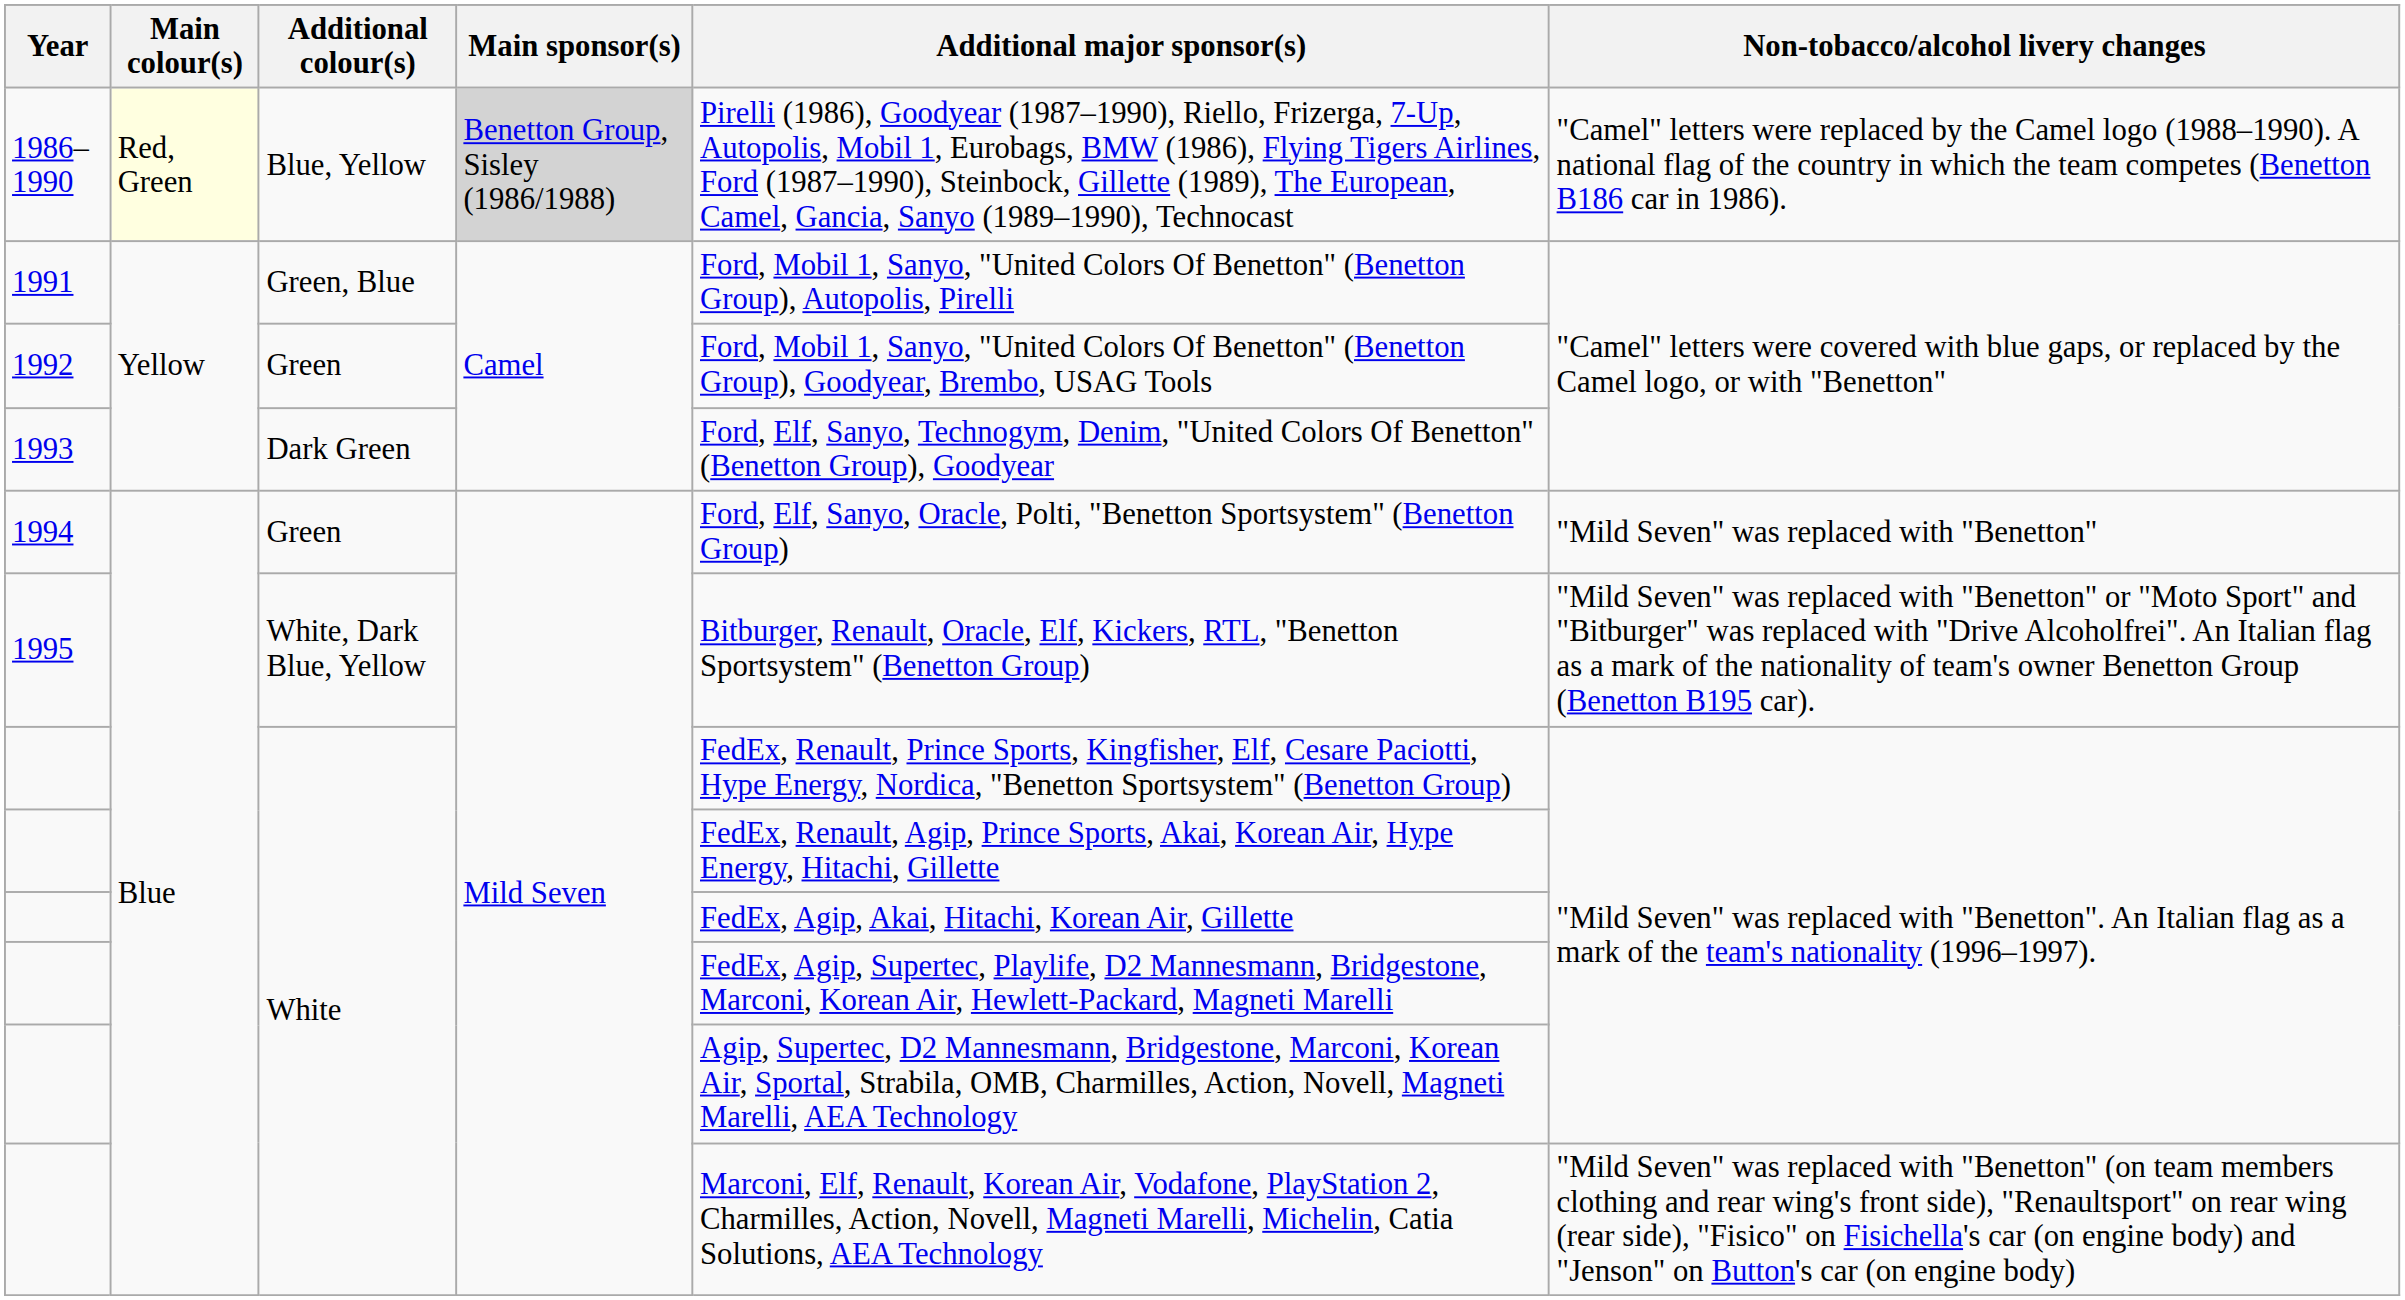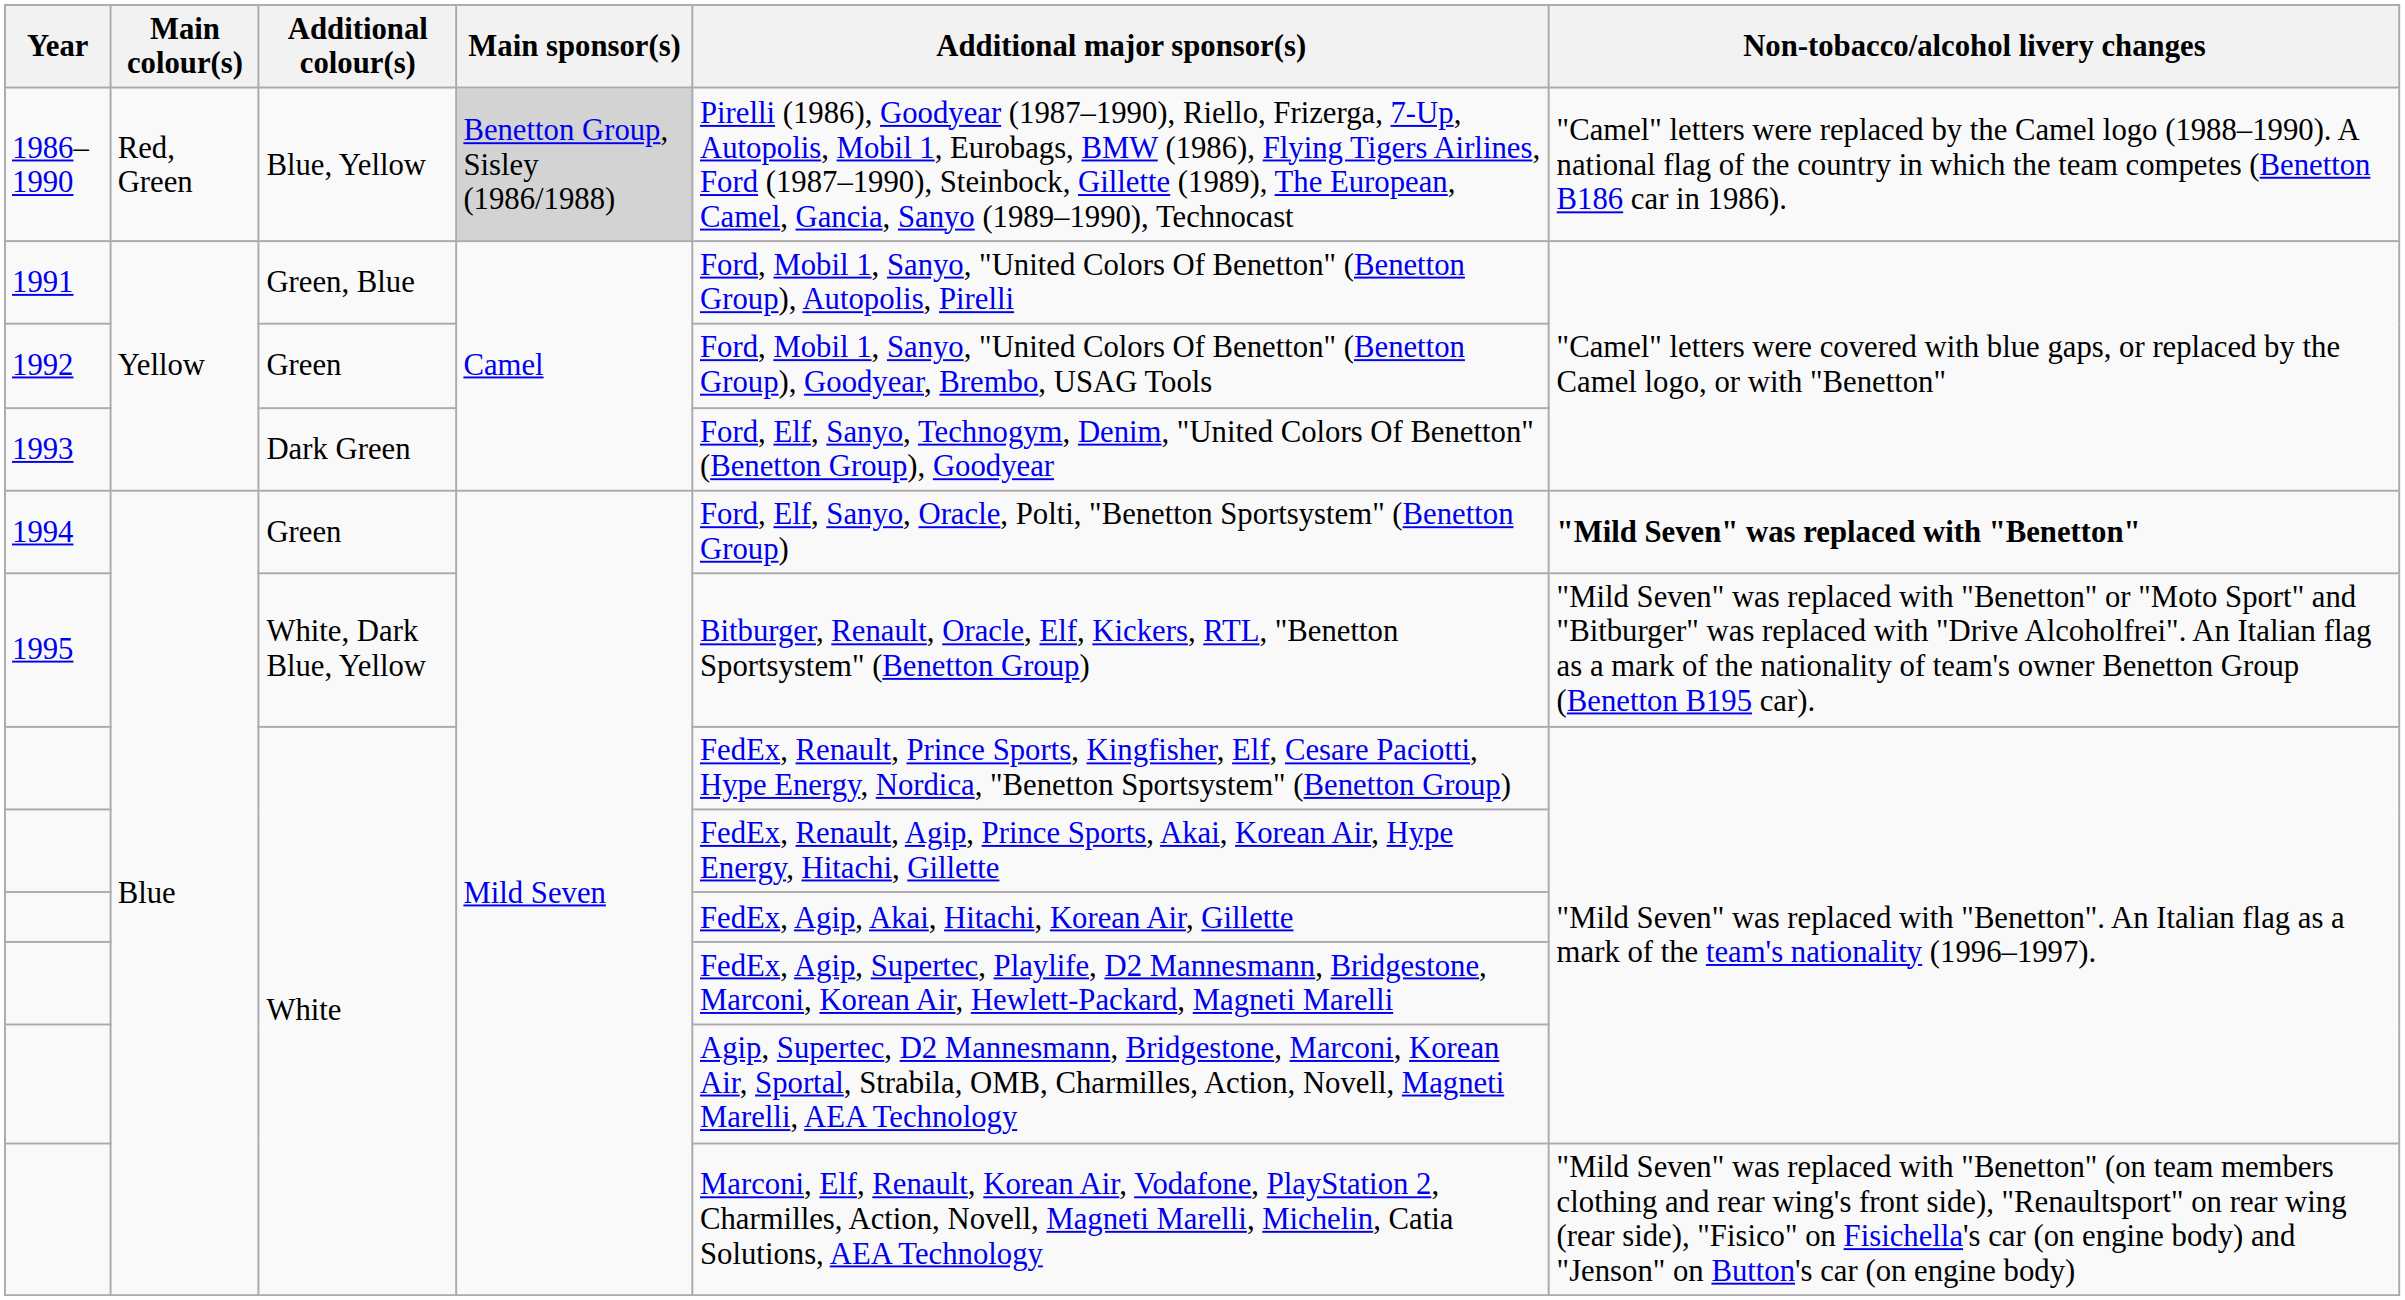 <table class="wikitable">
 <tr>
 <th>Year</th>
 <th>Main colour(s)</th>
 <th>Additional colour(s)</th>
 <th>Main sponsor(s)</th>
 <th>Additional major sponsor(s)</th>
 <th>Non-tobacco/alcohol livery changes</th>
 </tr>
 <tr>
 <td><a href='#'>1986</a>–<a href='#'>1990</a></td>
-<td style="background: lightyellow;">Red, Green</td>
+<td>Red, Green</td>
 <td>Blue, Yellow</td>
 <td style="background: lightgrey;"><a href='#'>Benetton Group</a>, Sisley (1986/1988)</td>
 <td><a href='#'>Pirelli</a> (1986), <a href='#'>Goodyear</a> (1987–1990), Riello, Frizerga, <a href='#'>7-Up</a>, <a href='#'>Autopolis</a>, <a href='#'>Mobil 1</a>, Eurobags, <a href='#'>BMW</a> (1986), <a href='#'>Flying Tigers Airlines</a>, <a href='#'>Ford</a> (1987–1990), Steinbock, <a href='#'>Gillette</a> (1989), <a href='#'>The European</a>, <a href='#'>Camel</a>, <a href='#'>Gancia</a>, <a href='#'>Sanyo</a> (1989–1990), Technocast</td>
 <td>"Camel" letters were replaced by the Camel logo (1988–1990). A national flag of the country in which the team competes (<a href='#'>Benetton B186</a> car in 1986).</td>
 </tr>
 <tr>
 <td><a href='#'>1991</a></td>
 <td rowspan=3>Yellow</td>
 <td>Green, Blue</td>
 <td rowspan=3><a href='#'>Camel</a></td>
 <td><a href='#'>Ford</a>, <a href='#'>Mobil 1</a>, <a href='#'>Sanyo</a>, "United Colors Of Benetton" (<a href='#'>Benetton Group</a>), <a href='#'>Autopolis</a>, <a href='#'>Pirelli</a></td>
 <td rowspan=3>"Camel" letters were covered with blue gaps, or replaced by the Camel logo, or with "Benetton"</td>
 </tr>
 <tr>
 <td><a href='#'>1992</a></td>
 <td>Green</td>
 <td><a href='#'>Ford</a>, <a href='#'>Mobil 1</a>, <a href='#'>Sanyo</a>, "United Colors Of Benetton" (<a href='#'>Benetton Group</a>), <a href='#'>Goodyear</a>, <a href='#'>Brembo</a>, USAG Tools</td>
 </tr>
 <tr>
 <td><a href='#'>1993</a></td>
 <td>Dark Green</td>
 <td><a href='#'>Ford</a>, <a href='#'>Elf</a>, <a href='#'>Sanyo</a>, <a href='#'>Technogym</a>, <a href='#'>Denim</a>, "United Colors Of Benetton" (<a href='#'>Benetton Group</a>), <a href='#'>Goodyear</a></td>
 </tr>
 <tr>
 <td><a href='#'>1994</a></td>
 <td rowspan=8>Blue</td>
 <td>Green</td>
 <td rowspan=8><a href='#'>Mild Seven</a></td>
 <td><a href='#'>Ford</a>, <a href='#'>Elf</a>, <a href='#'>Sanyo</a>, <a href='#'>Oracle</a>, Polti, "Benetton Sportsystem" (<a href='#'>Benetton Group</a>)</td>
-<td>"Mild Seven" was replaced with "Benetton"</td>
+<td><strong>"Mild Seven" was replaced with "Benetton"</strong></td>
 </tr>
 <tr>
 <td><a href='#'>1995</a></td>
 <td>White, Dark Blue, Yellow</td>
 <td><a href='#'>Bitburger</a>, <a href='#'>Renault</a>, <a href='#'>Oracle</a>, <a href='#'>Elf</a>, <a href='#'>Kickers</a>, <a href='#'>RTL</a>, "Benetton Sportsystem" (<a href='#'>Benetton Group</a>)</td>
 <td>"Mild Seven" was replaced with "Benetton" or "Moto Sport" and "Bitburger" was replaced with "Drive Alcoholfrei". An Italian flag as a mark of the nationality of team's owner Benetton Group (<a href='#'>Benetton B195</a> car).</td>
 </tr>
 <tr>
 <td></td>
 <td rowspan=6>White</td>
 <td><a href='#'>FedEx</a>, <a href='#'>Renault</a>, <a href='#'>Prince Sports</a>, <a href='#'>Kingfisher</a>, <a href='#'>Elf</a>, <a href='#'>Cesare Paciotti</a>, <a href='#'>Hype Energy</a>, <a href='#'>Nordica</a>, "Benetton Sportsystem" (<a href='#'>Benetton Group</a>)</td>
 <td rowspan=5>"Mild Seven" was replaced with "Benetton". An Italian flag as a mark of the <a href='#'>team's nationality</a> (1996–1997).</td>
 </tr>
 <tr>
 <td></td>
 <td><a href='#'>FedEx</a>, <a href='#'>Renault</a>, <a href='#'>Agip</a>, <a href='#'>Prince Sports</a>, <a href='#'>Akai</a>, <a href='#'>Korean Air</a>, <a href='#'>Hype Energy</a>, <a href='#'>Hitachi</a>, <a href='#'>Gillette</a></td>
 </tr>
 <tr>
 <td></td>
 <td><a href='#'>FedEx</a>, <a href='#'>Agip</a>, <a href='#'>Akai</a>, <a href='#'>Hitachi</a>, <a href='#'>Korean Air</a>, <a href='#'>Gillette</a></td>
 </tr>
 <tr>
 <td></td>
 <td><a href='#'>FedEx</a>, <a href='#'>Agip</a>, <a href='#'>Supertec</a>, <a href='#'>Playlife</a>, <a href='#'>D2 Mannesmann</a>, <a href='#'>Bridgestone</a>, <a href='#'>Marconi</a>, <a href='#'>Korean Air</a>, <a href='#'>Hewlett-Packard</a>, <a href='#'>Magneti Marelli</a></td>
 </tr>
 <tr>
 <td></td>
 <td><a href='#'>Agip</a>, <a href='#'>Supertec</a>, <a href='#'>D2 Mannesmann</a>, <a href='#'>Bridgestone</a>, <a href='#'>Marconi</a>, <a href='#'>Korean Air</a>, <a href='#'>Sportal</a>, Strabila, OMB, Charmilles, Action, Novell, <a href='#'>Magneti Marelli</a>, <a href='#'>AEA Technology</a></td>
 </tr>
 <tr>
 <td></td>
 <td><a href='#'>Marconi</a>, <a href='#'>Elf</a>, <a href='#'>Renault</a>, <a href='#'>Korean Air</a>, <a href='#'>Vodafone</a>, <a href='#'>PlayStation 2</a>, Charmilles, Action, Novell, <a href='#'>Magneti Marelli</a>, <a href='#'>Michelin</a>, Catia Solutions, <a href='#'>AEA Technology</a></td>
 <td>"Mild Seven" was replaced with "Benetton" (on team members clothing and rear wing's front side), "Renaultsport" on rear wing (rear side), "Fisico" on <a href='#'>Fisichella</a>'s car (on engine body) and "Jenson" on <a href='#'>Button</a>'s car (on engine body)</td>
 </tr>
 </table>
